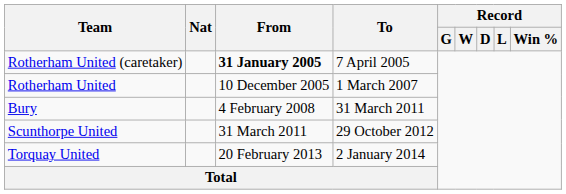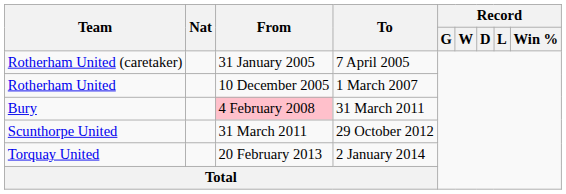 <table class="wikitable" style="text-align: center">
 <tr>
 <th rowspan=2>Team</th>
 <th rowspan=2>Nat</th>
 <th rowspan=2>From</th>
 <th rowspan=2>To</th>
 <th colspan=5>Record</th>
 </tr>
 <tr>
 <th>G</th>
 <th>W</th>
 <th>D</th>
 <th>L</th>
 <th>Win %</th>
 </tr>
 <tr>
 <td align=left><a href='#'>Rotherham United</a> (caretaker)</td>
 <td></td>
-<td align=left><strong>31 January 2005</strong></td>
+<td align=left>31 January 2005</td>
 <td align=left>7 April 2005<br></td>
 </tr>
 <tr>
 <td align=left><a href='#'>Rotherham United</a></td>
 <td></td>
 <td align=left>10 December 2005</td>
 <td align=left>1 March 2007<br></td>
 </tr>
 <tr>
 <td align=left><a href='#'>Bury</a></td>
 <td></td>
-<td align=left>4 February 2008</td>
+<td align=left style="background: pink;">4 February 2008</td>
 <td align=left>31 March 2011<br></td>
 </tr>
 <tr>
 <td align=left><a href='#'>Scunthorpe United</a></td>
 <td></td>
 <td align=left>31 March 2011</td>
 <td align=left>29 October 2012<br></td>
 </tr>
 <tr>
 <td align=left><a href='#'>Torquay United</a></td>
 <td></td>
 <td align=left>20 February 2013</td>
 <td align=left>2 January 2014<br></td>
 </tr>
 <tr>
 <th colspan=4>Total<br></th>
 </tr>
 </table>
